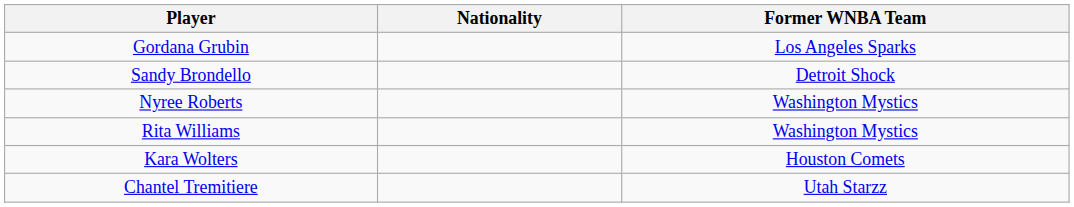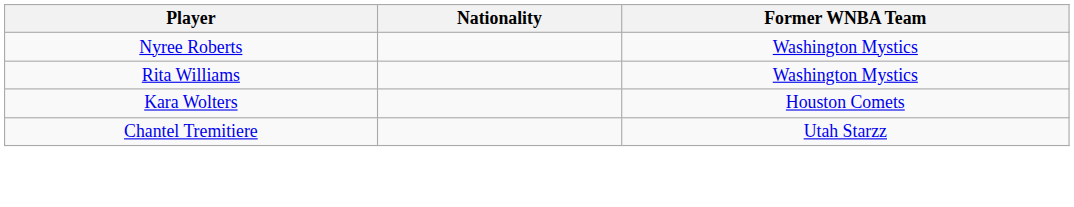 <table class="wikitable" style="text-align:center; width:60em">
 <tr>
 <th>Player</th>
 <th>Nationality</th>
 <th>Former WNBA Team</th>
-</tr>
-<tr>
-<td><a href='#'>Gordana Grubin</a></td>
-<td></td>
-<td><a href='#'>Los Angeles Sparks</a></td>
-</tr>
-<tr>
-<td><a href='#'>Sandy Brondello</a></td>
-<td></td>
-<td><a href='#'>Detroit Shock</a></td>
 </tr>
 <tr>
 <td><a href='#'>Nyree Roberts</a></td>
 <td></td>
 <td><a href='#'>Washington Mystics</a></td>
 </tr>
 <tr>
 <td><a href='#'>Rita Williams</a></td>
 <td></td>
 <td><a href='#'>Washington Mystics</a></td>
 </tr>
 <tr>
 <td><a href='#'>Kara Wolters</a></td>
 <td></td>
 <td><a href='#'>Houston Comets</a></td>
 </tr>
 <tr>
 <td><a href='#'>Chantel Tremitiere</a></td>
 <td></td>
 <td><a href='#'>Utah Starzz</a></td>
 </tr>
 </table>
